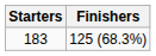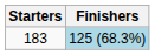 <table class="wikitable" style="font-size:85%;">
 <tr>
 <th>Starters</th>
 <th>Finishers</th>
 </tr>
 <tr>
 <td align=center>183</td>
-<td align=center>125 (68.3%)</td>
+<td align=center style="background: lightblue;">125 (68.3%)</td>
 </tr>
 </table>
